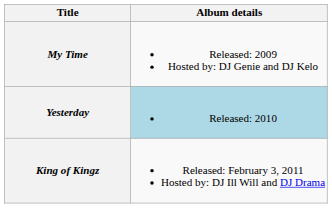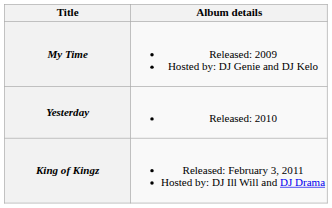 <table class="wikitable plainrowheaders" style="text-align:center;">
 <tr>
 <th scope="col" style="width:11em;">Title</th>
 <th scope="col">Album details</th>
 </tr>
 <tr>
 <th scope="row"><em>My Time</em></th>
 <td><br><ul><li>Released: 2009</li><li>Hosted by: DJ Genie and DJ Kelo</li></ul></td>
 </tr>
 <tr>
 <th scope="row"><em>Yesterday</em></th>
-<td style="background: lightblue;"><br><ul><li>Released: 2010</li></ul></td>
+<td><br><ul><li>Released: 2010</li></ul></td>
 </tr>
 <tr>
 <th scope="row"><em>King of Kingz</em></th>
 <td><br><ul><li>Released: February 3, 2011</li><li>Hosted by: DJ Ill Will and <a href='#'>DJ Drama</a></li></ul></td>
 </tr>
 </table>
